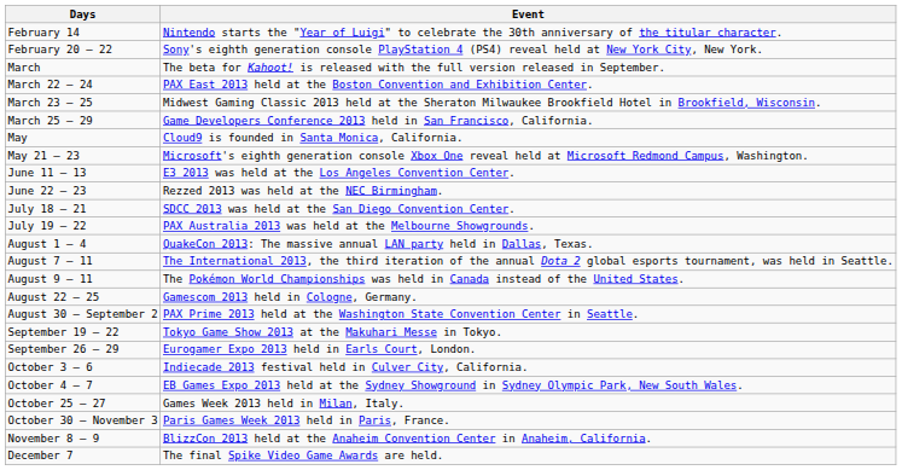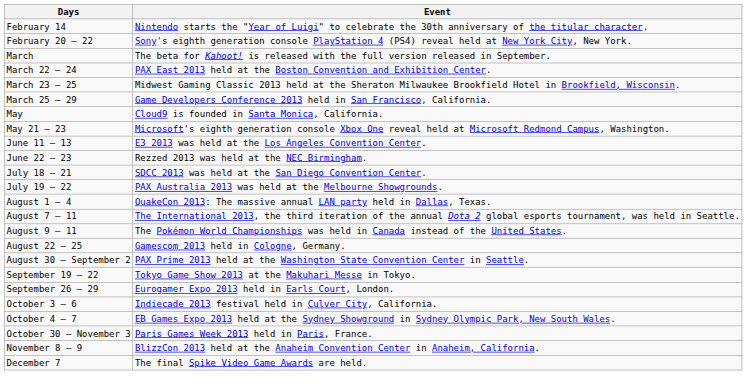 <table class="wikitable">
 <tr>
 <th>Days</th>
 <th>Event</th>
 </tr>
 <tr>
 <td>February 14</td>
 <td><a href='#'>Nintendo</a> starts the "<a href='#'>Year of Luigi</a>" to celebrate the 30th anniversary of <a href='#'>the titular character</a>.</td>
 </tr>
 <tr>
 <td>February 20 – 22</td>
 <td style="text-align:left;"><a href='#'>Sony</a>'s eighth generation console <a href='#'>PlayStation 4</a> (PS4) reveal held at <a href='#'>New York City</a>, New York.</td>
 </tr>
 <tr>
 <td>March</td>
 <td style="text-align:left;">The beta for <em><a href='#'>Kahoot!</a></em> is released with the full version released in September.</td>
 </tr>
 <tr>
 <td>March 22 – 24</td>
 <td style="text-align:left;"><a href='#'>PAX East 2013</a> held at the <a href='#'>Boston Convention and Exhibition Center</a>.</td>
 </tr>
 <tr>
 <td>March 23 – 25</td>
 <td style="text-align:left;">Midwest Gaming Classic 2013 held at the Sheraton Milwaukee Brookfield Hotel in <a href='#'>Brookfield, Wisconsin</a>.</td>
 </tr>
 <tr>
 <td>March 25 – 29</td>
 <td style="text-align:left;"><a href='#'>Game Developers Conference 2013</a> held in <a href='#'>San Francisco</a>, California.</td>
 </tr>
 <tr>
 <td>May</td>
 <td><a href='#'>Cloud9</a> is founded in <a href='#'>Santa Monica</a>, California.</td>
 </tr>
 <tr>
 <td>May 21 – 23</td>
 <td style="text-align:left;"><a href='#'>Microsoft</a>'s eighth generation console <a href='#'>Xbox One</a> reveal held at <a href='#'>Microsoft Redmond Campus</a>, Washington.</td>
 </tr>
 <tr>
 <td>June 11 – 13</td>
 <td style="text-align:left;"><a href='#'>E3 2013</a> was held at the <a href='#'>Los Angeles Convention Center</a>.</td>
 </tr>
 <tr>
 <td>June 22 – 23</td>
 <td style="text-alight:left;">Rezzed 2013 was held at the <a href='#'>NEC Birmingham</a>.</td>
 </tr>
 <tr>
 <td>July 18 – 21</td>
 <td style="text-alight:left;"><a href='#'>SDCC 2013</a> was held at the <a href='#'>San Diego Convention Center</a>.</td>
 </tr>
 <tr>
 <td>July 19 – 22</td>
 <td style="text-alight:left;"><a href='#'>PAX Australia 2013</a> was held at the <a href='#'>Melbourne Showgrounds</a>.</td>
 </tr>
 <tr>
 <td>August 1 – 4</td>
 <td><a href='#'>QuakeCon 2013</a>: The massive annual <a href='#'>LAN party</a> held in <a href='#'>Dallas</a>, Texas.</td>
 </tr>
 <tr>
 <td>August 7 – 11</td>
 <td style="text-alight:left;"><a href='#'>The International 2013</a>, the third iteration of the annual <em><a href='#'>Dota 2</a></em> global esports tournament, was held in Seattle.</td>
 </tr>
 <tr>
 <td>August 9 – 11</td>
 <td style="text-alight:left;">The <a href='#'>Pokémon World Championships</a> was held in <a href='#'>Canada</a> instead of the <a href='#'>United States</a>.</td>
 </tr>
 <tr>
 <td>August 22 – 25</td>
 <td><a href='#'>Gamescom 2013</a> held in <a href='#'>Cologne</a>, Germany.</td>
 </tr>
 <tr>
 <td>August 30 – September 2</td>
 <td style="text-align:left;"><a href='#'>PAX Prime 2013</a> held at the <a href='#'>Washington State Convention Center</a> in <a href='#'>Seattle</a>.</td>
 </tr>
 <tr>
 <td>September 19 – 22</td>
 <td style="text-align:left;"><a href='#'>Tokyo Game Show 2013</a> at the <a href='#'>Makuhari Messe</a> in Tokyo.</td>
 </tr>
 <tr>
 <td>September 26 – 29</td>
 <td style="text-align:left;"><a href='#'>Eurogamer Expo 2013</a> held in <a href='#'>Earls Court</a>, London.</td>
 </tr>
 <tr>
 <td>October 3 – 6</td>
 <td style="text-align:left;"><a href='#'>Indiecade 2013</a> festival held in <a href='#'>Culver City</a>, California.</td>
 </tr>
 <tr>
 <td>October 4 – 7</td>
 <td style="text-align:left;"><a href='#'>EB Games Expo 2013</a> held at the <a href='#'>Sydney Showground</a> in <a href='#'>Sydney Olympic Park, New South Wales</a>.</td>
 </tr>
 <tr>
-<td>October 25 – 27</td>
-<td style="text-align:left;">Games Week 2013 held in <a href='#'>Milan</a>, Italy.</td>
-</tr>
-<tr>
 <td>October 30 – November 3</td>
 <td style="text-align:left;"><a href='#'>Paris Games Week 2013</a> held in <a href='#'>Paris</a>, France.</td>
 </tr>
 <tr>
 <td>November 8 – 9</td>
 <td style="text-align:left;"><a href='#'>BlizzCon 2013</a> held at the <a href='#'>Anaheim Convention Center</a> in <a href='#'>Anaheim, California</a>.</td>
 </tr>
 <tr>
 <td>December 7</td>
 <td style="text-align:left;">The final <a href='#'>Spike Video Game Awards</a> are held.</td>
 </tr>
 </table>
